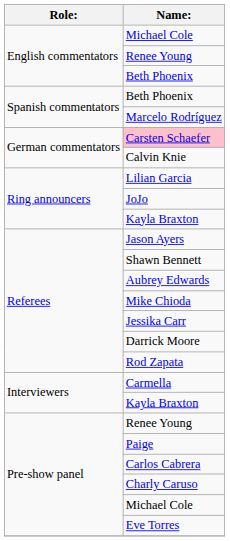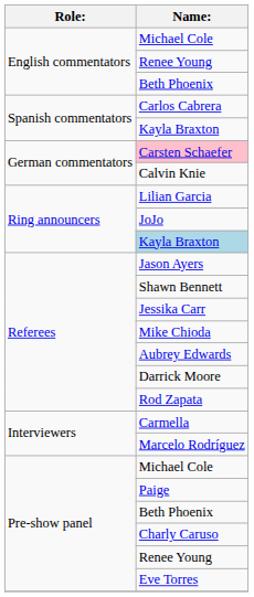 <table class=wikitable style="font-size:90%; margin: 0.5em 0 0.5em 1em; float: right; clear: right;">
 <tr>
 <th>Role:</th>
 <th>Name:</th>
 </tr>
 <tr>
 <td rowspan=3>English commentators</td>
 <td><a href='#'>Michael Cole</a></td>
 </tr>
 <tr>
 <td><a href='#'>Renee Young</a></td>
 </tr>
 <tr>
 <td><a href='#'>Beth Phoenix</a></td>
 </tr>
 <tr>
 <td rowspan=2>Spanish commentators</td>
-<td>Beth Phoenix</td>
+<td><a href='#'>Carlos Cabrera</a></td>
 </tr>
 <tr>
-<td><a href='#'>Marcelo Rodríguez</a></td>
+<td><a href='#'>Kayla Braxton</a></td>
 </tr>
 <tr>
 <td rowspan=2>German commentators</td>
 <td style="background: pink;"><a href='#'>Carsten Schaefer</a></td>
 </tr>
 <tr>
 <td>Calvin Knie</td>
 </tr>
 <tr>
 <td rowspan=3><a href='#'>Ring announcers</a></td>
 <td><a href='#'>Lilian Garcia</a></td>
 </tr>
 <tr>
 <td><a href='#'>JoJo</a></td>
 </tr>
 <tr>
-<td><a href='#'>Kayla Braxton</a></td>
+<td style="background: lightblue;"><a href='#'>Kayla Braxton</a></td>
 </tr>
 <tr>
 <td rowspan=7><a href='#'>Referees</a></td>
 <td><a href='#'>Jason Ayers</a></td>
 </tr>
 <tr>
 <td>Shawn Bennett</td>
 </tr>
 <tr>
-<td><a href='#'>Aubrey Edwards</a></td>
+<td><a href='#'>Jessika Carr</a></td>
 </tr>
 <tr>
 <td><a href='#'>Mike Chioda</a></td>
 </tr>
 <tr>
-<td><a href='#'>Jessika Carr</a></td>
+<td><a href='#'>Aubrey Edwards</a></td>
 </tr>
 <tr>
 <td>Darrick Moore</td>
 </tr>
 <tr>
 <td><a href='#'>Rod Zapata</a></td>
 </tr>
 <tr>
 <td rowspan=2>Interviewers</td>
 <td><a href='#'>Carmella</a></td>
 </tr>
 <tr>
-<td><a href='#'>Kayla Braxton</a></td>
+<td><a href='#'>Marcelo Rodríguez</a></td>
 </tr>
 <tr>
 <td rowspan=6>Pre-show panel</td>
-<td>Renee Young</td>
+<td>Michael Cole</td>
 </tr>
 <tr>
 <td><a href='#'>Paige</a></td>
 </tr>
 <tr>
-<td><a href='#'>Carlos Cabrera</a></td>
+<td>Beth Phoenix</td>
 </tr>
 <tr>
 <td><a href='#'>Charly Caruso</a></td>
 </tr>
 <tr>
-<td>Michael Cole</td>
+<td>Renee Young</td>
 </tr>
 <tr>
 <td><a href='#'>Eve Torres</a></td>
 </tr>
 <tr>
 </tr>
 </table>
